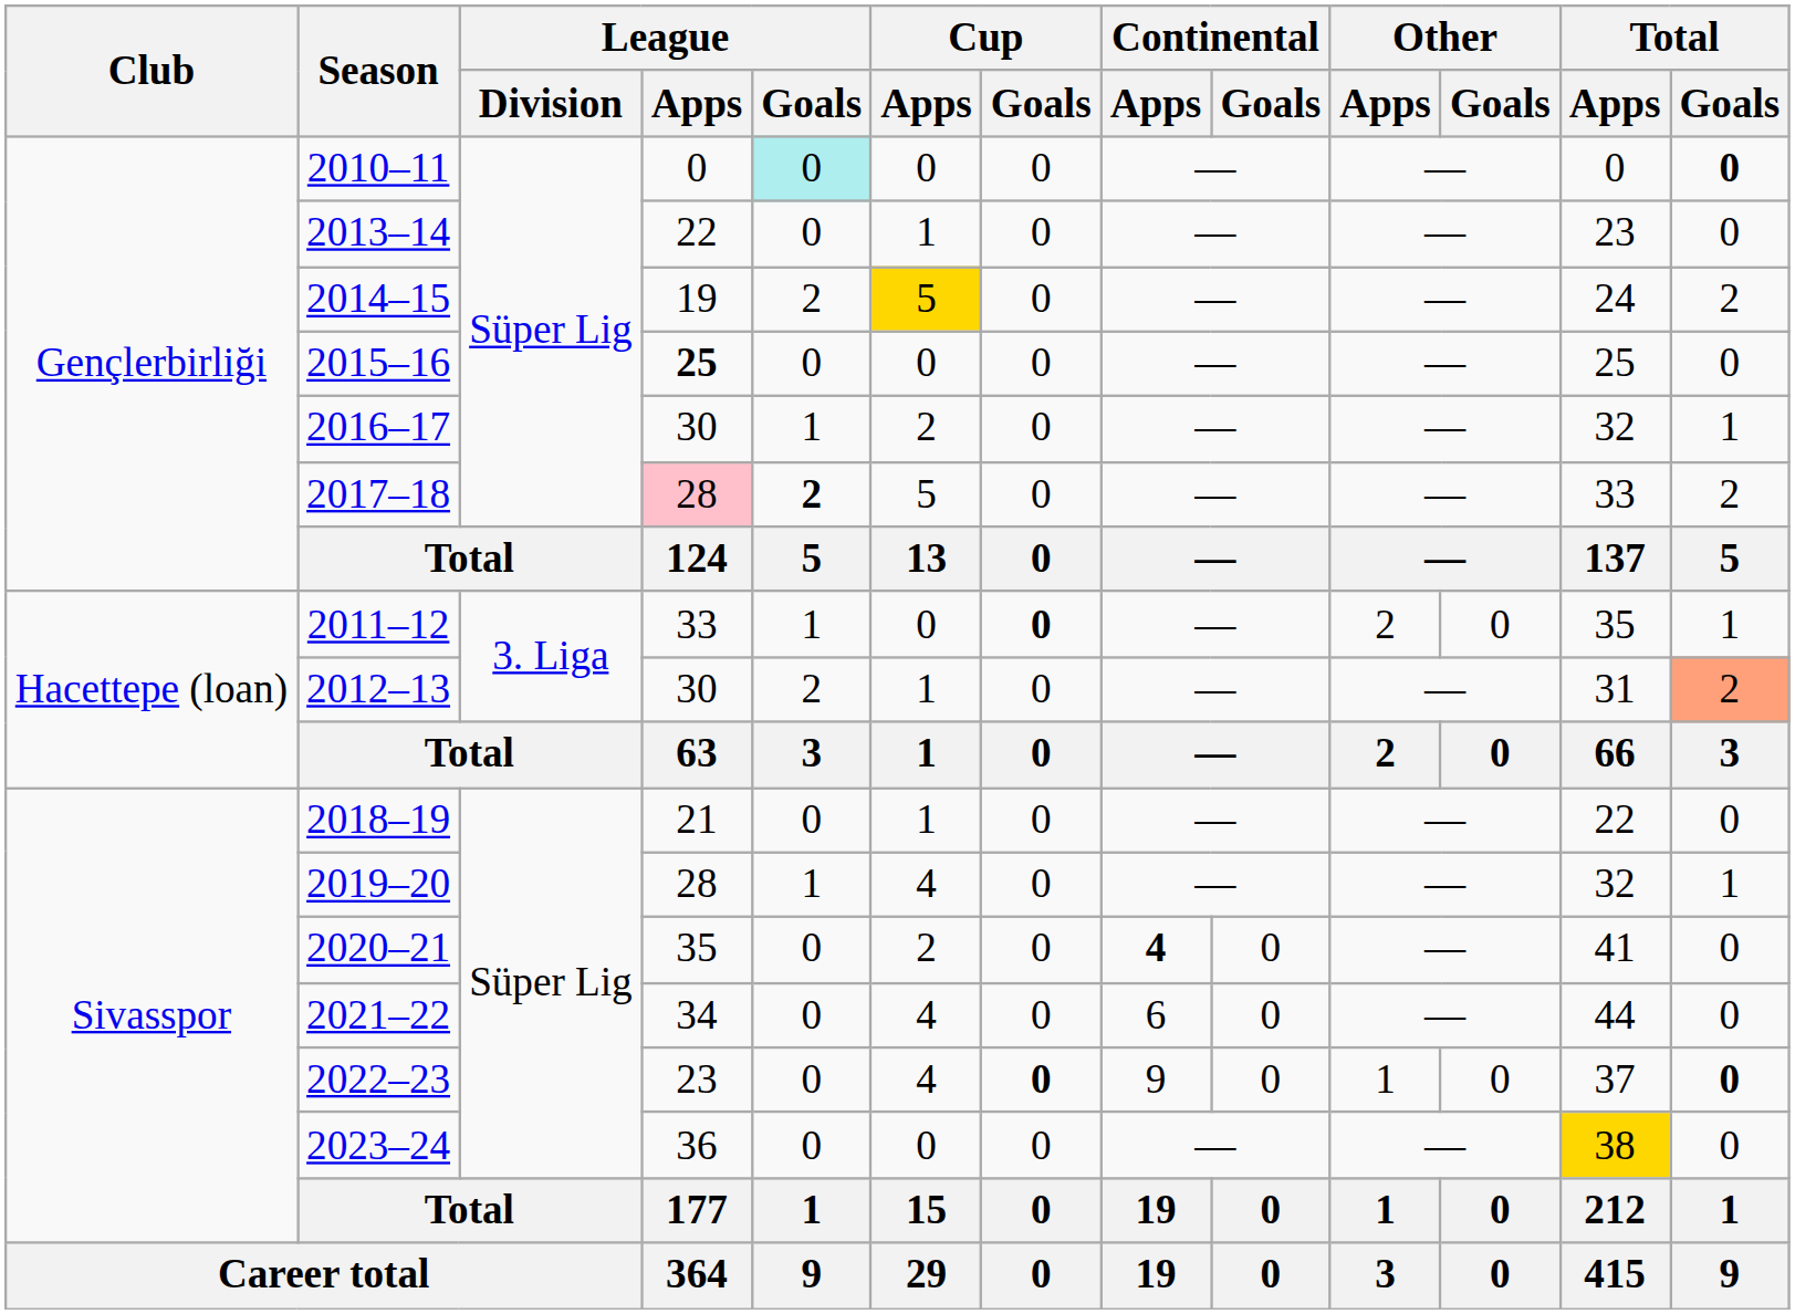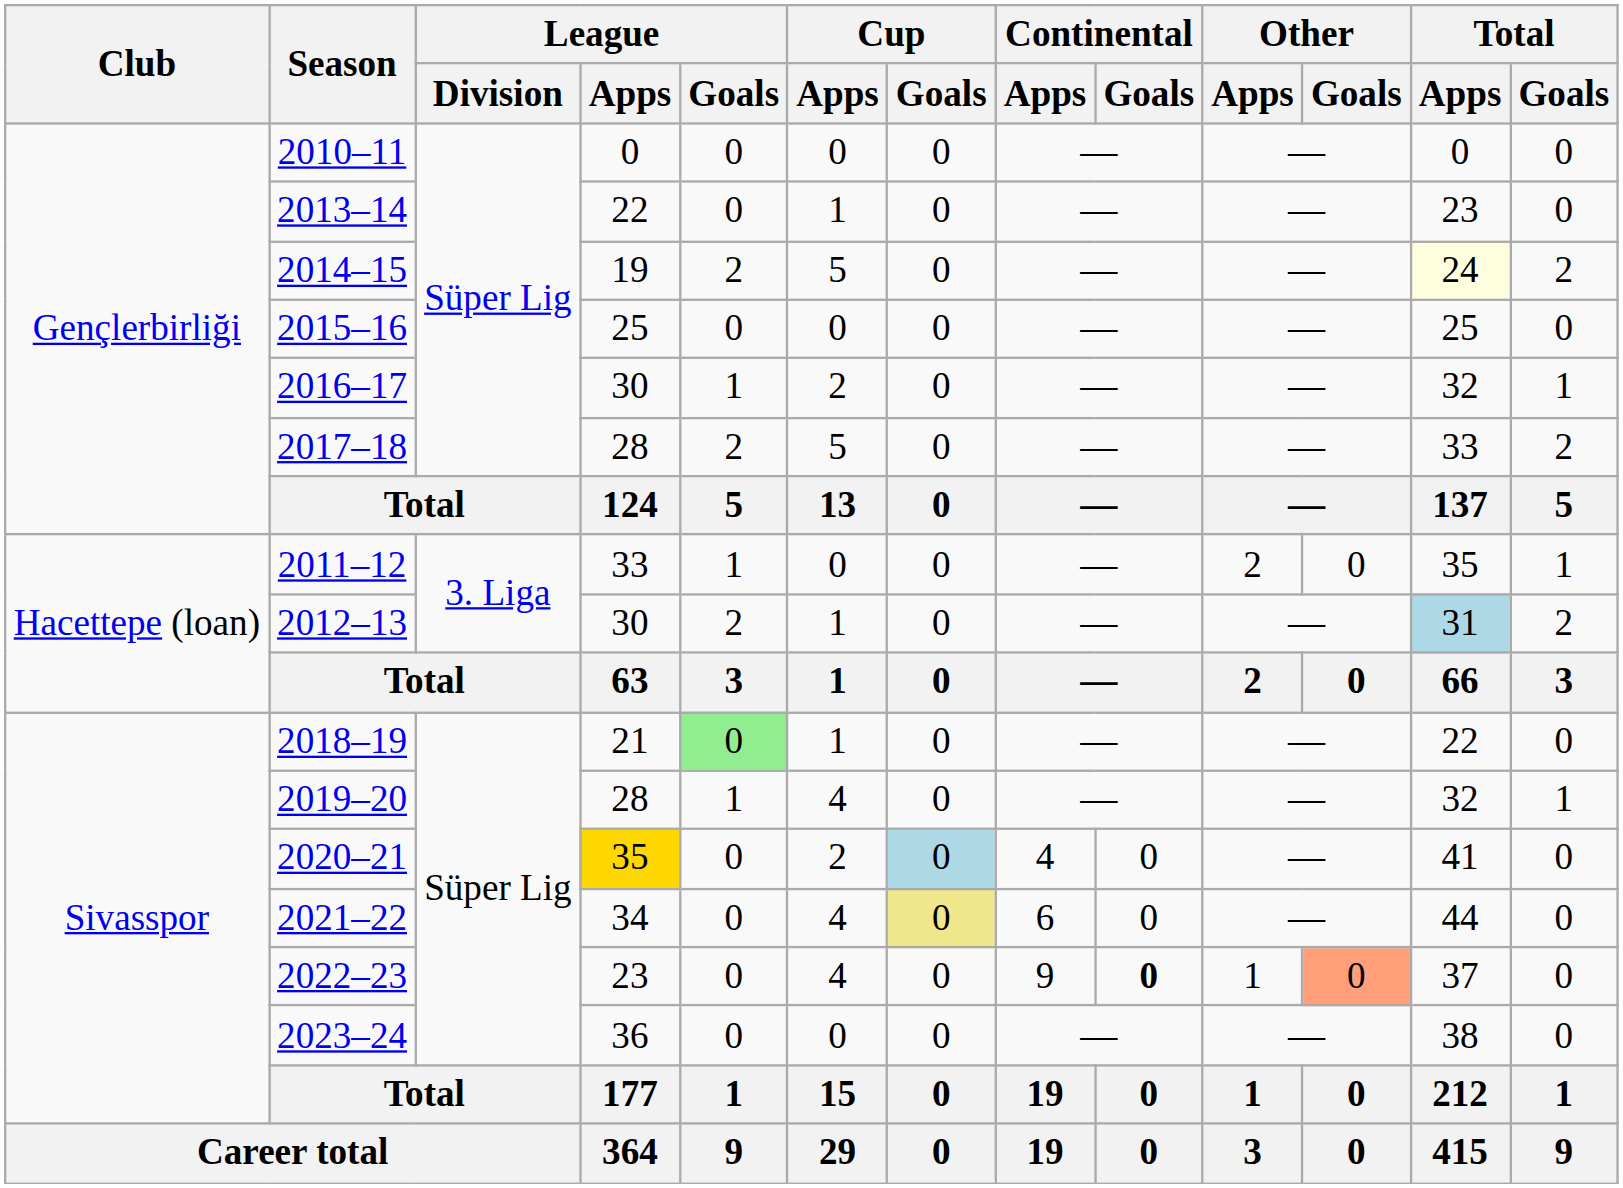 <table class="wikitable" style="text-align: center">
 <tr>
 <th rowspan="2">Club</th>
 <th rowspan="2">Season</th>
 <th colspan="3">League</th>
 <th colspan="2">Cup</th>
 <th colspan="2">Continental</th>
 <th colspan="2">Other</th>
 <th colspan="2">Total</th>
 </tr>
 <tr>
 <th>Division</th>
 <th>Apps</th>
 <th>Goals</th>
 <th>Apps</th>
 <th>Goals</th>
 <th>Apps</th>
 <th>Goals</th>
 <th>Apps</th>
 <th>Goals</th>
 <th>Apps</th>
 <th>Goals</th>
 </tr>
 <tr>
 <td rowspan="7"><a href='#'>Gençlerbirliği</a></td>
 <td><a href='#'>2010–11</a></td>
 <td rowspan="6"><a href='#'>Süper Lig</a></td>
 <td>0</td>
-<td style="background: paleturquoise;">0</td>
+<td>0</td>
 <td>0</td>
 <td>0</td>
 <td colspan="2">—</td>
 <td colspan="2">—</td>
 <td>0</td>
-<td><strong>0</strong></td>
+<td>0</td>
 </tr>
 <tr>
 <td><a href='#'>2013–14</a></td>
 <td>22</td>
 <td>0</td>
 <td>1</td>
 <td>0</td>
 <td colspan="2">—</td>
 <td colspan="2">—</td>
 <td>23</td>
 <td>0</td>
 </tr>
 <tr>
 <td><a href='#'>2014–15</a></td>
 <td>19</td>
 <td>2</td>
-<td style="background: gold;">5</td>
+<td>5</td>
 <td>0</td>
 <td colspan="2">—</td>
 <td colspan="2">—</td>
-<td>24</td>
+<td style="background: lightyellow;">24</td>
 <td>2</td>
 </tr>
 <tr>
 <td><a href='#'>2015–16</a></td>
-<td><strong>25</strong></td>
+<td>25</td>
 <td>0</td>
 <td>0</td>
 <td>0</td>
 <td colspan="2">—</td>
 <td colspan="2">—</td>
 <td>25</td>
 <td>0</td>
 </tr>
 <tr>
 <td><a href='#'>2016–17</a></td>
 <td>30</td>
 <td>1</td>
 <td>2</td>
 <td>0</td>
 <td colspan="2">—</td>
 <td colspan="2">—</td>
 <td>32</td>
 <td>1</td>
 </tr>
 <tr>
 <td><a href='#'>2017–18</a></td>
-<td style="background: pink;">28</td>
-<td><strong>2</strong></td>
+<td>28</td>
+<td>2</td>
 <td>5</td>
 <td>0</td>
 <td colspan="2">—</td>
 <td colspan="2">—</td>
 <td>33</td>
 <td>2</td>
 </tr>
 <tr>
 <th colspan="2">Total</th>
 <th>124</th>
 <th>5</th>
 <th>13</th>
 <th>0</th>
 <th colspan="2">—</th>
 <th colspan="2">—</th>
 <th>137</th>
 <th>5</th>
 </tr>
 <tr>
 <td rowspan="3"><a href='#'>Hacettepe</a> (loan)</td>
 <td><a href='#'>2011–12</a></td>
 <td rowspan="2"><a href='#'>3. Liga</a></td>
 <td>33</td>
 <td>1</td>
 <td>0</td>
-<td><strong>0</strong></td>
+<td>0</td>
 <td colspan="2">—</td>
 <td>2</td>
 <td>0</td>
 <td>35</td>
 <td>1</td>
 </tr>
 <tr>
 <td><a href='#'>2012–13</a></td>
 <td>30</td>
 <td>2</td>
 <td>1</td>
 <td>0</td>
 <td colspan="2">—</td>
 <td colspan="2">—</td>
-<td>31</td>
-<td style="background: lightsalmon;">2</td>
+<td style="background: lightblue;">31</td>
+<td>2</td>
 </tr>
 <tr>
 <th colspan="2">Total</th>
 <th>63</th>
 <th>3</th>
 <th>1</th>
 <th>0</th>
 <th colspan="2">—</th>
 <th>2</th>
 <th>0</th>
 <th>66</th>
 <th>3</th>
 </tr>
 <tr>
 <td rowspan="7"><a href='#'>Sivasspor</a></td>
 <td><a href='#'>2018–19</a></td>
 <td rowspan="6">Süper Lig</td>
 <td>21</td>
-<td>0</td>
+<td style="background: lightgreen;">0</td>
 <td>1</td>
 <td>0</td>
 <td colspan="2">—</td>
 <td colspan="2">—</td>
 <td>22</td>
 <td>0</td>
 </tr>
 <tr>
 <td><a href='#'>2019–20</a></td>
 <td>28</td>
 <td>1</td>
 <td>4</td>
 <td>0</td>
 <td colspan="2">—</td>
 <td colspan="2">—</td>
 <td>32</td>
 <td>1</td>
 </tr>
 <tr>
 <td><a href='#'>2020–21</a></td>
-<td>35</td>
+<td style="background: gold;">35</td>
 <td>0</td>
 <td>2</td>
-<td>0</td>
-<td><strong>4</strong></td>
+<td style="background: lightblue;">0</td>
+<td>4</td>
 <td>0</td>
 <td colspan="2">—</td>
 <td>41</td>
 <td>0</td>
 </tr>
 <tr>
 <td><a href='#'>2021–22</a></td>
 <td>34</td>
 <td>0</td>
 <td>4</td>
-<td>0</td>
+<td style="background: khaki;">0</td>
 <td>6</td>
 <td>0</td>
 <td colspan="2">—</td>
 <td>44</td>
 <td>0</td>
 </tr>
 <tr>
 <td><a href='#'>2022–23</a></td>
 <td>23</td>
 <td>0</td>
 <td>4</td>
+<td>0</td>
+<td>9</td>
 <td><strong>0</strong></td>
-<td>9</td>
+<td>1</td>
+<td style="background: lightsalmon;">0</td>
+<td>37</td>
 <td>0</td>
-<td>1</td>
-<td>0</td>
-<td>37</td>
-<td><strong>0</strong></td>
 </tr>
 <tr>
 <td><a href='#'>2023–24</a></td>
 <td>36</td>
 <td>0</td>
 <td>0</td>
 <td>0</td>
 <td colspan="2">—</td>
 <td colspan="2">—</td>
-<td style="background: gold;">38</td>
+<td>38</td>
 <td>0</td>
 </tr>
 <tr>
 <th colspan="2">Total</th>
 <th>177</th>
 <th>1</th>
 <th>15</th>
 <th>0</th>
 <th>19</th>
 <th>0</th>
 <th>1</th>
 <th>0</th>
 <th>212</th>
 <th>1</th>
 </tr>
 <tr>
 <th colspan="3">Career total</th>
 <th>364</th>
 <th>9</th>
 <th>29</th>
 <th>0</th>
 <th>19</th>
 <th>0</th>
 <th>3</th>
 <th>0</th>
 <th>415</th>
 <th>9</th>
 </tr>
 </table>
